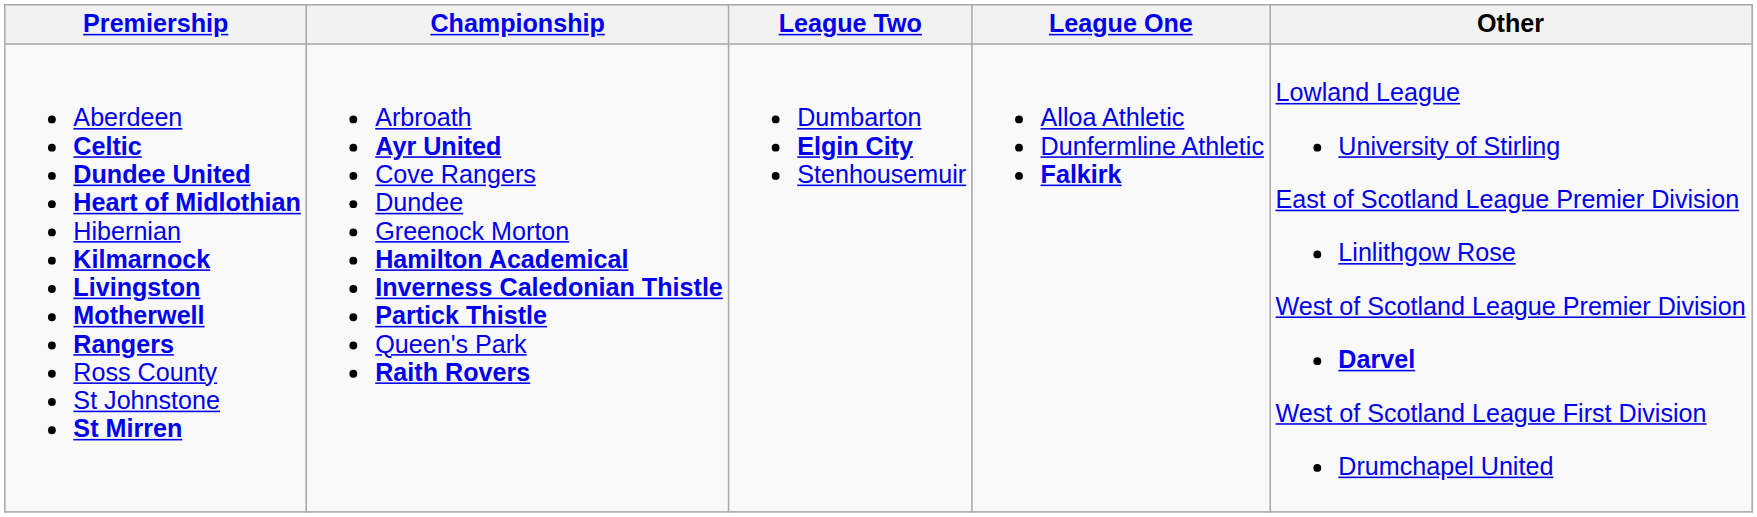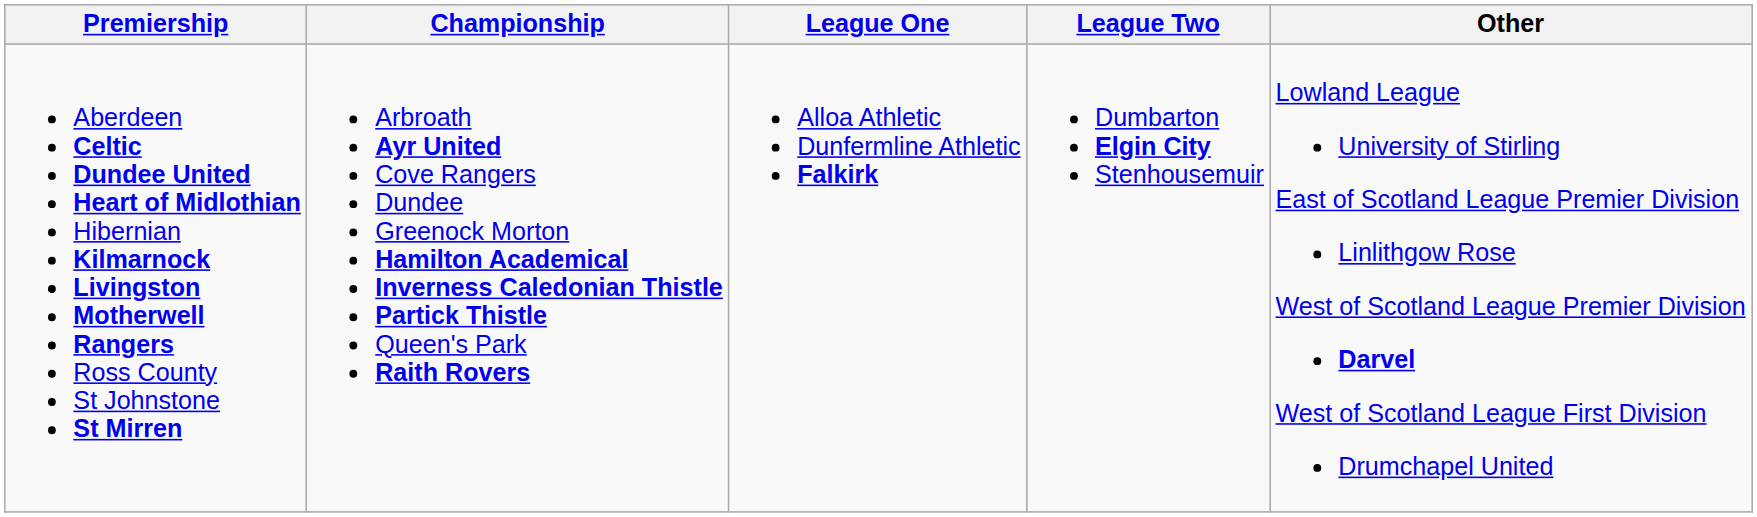 <table class="wikitable">
 <tr>
 <th><a href='#'>Premiership</a></th>
 <th><a href='#'>Championship</a></th>
+<th><a href='#'>League One</a></th>
 <th><a href='#'>League Two</a></th>
-<th><a href='#'>League One</a></th>
 <th>Other</th>
 </tr>
 <tr>
 <td valign="top"><br><ul><li><a href='#'>Aberdeen</a></li><li><strong><a href='#'>Celtic</a></strong></li><li><strong><a href='#'>Dundee United</a></strong></li><li><strong><a href='#'>Heart of Midlothian</a></strong></li><li><a href='#'>Hibernian</a></li><li><strong><a href='#'>Kilmarnock</a></strong></li><li><strong><a href='#'>Livingston</a></strong></li><li><strong><a href='#'>Motherwell</a></strong></li><li><strong><a href='#'>Rangers</a></strong></li><li><a href='#'>Ross County</a></li><li><a href='#'>St Johnstone</a></li><li><strong><a href='#'>St Mirren</a></strong></li></ul></td>
 <td valign="top"><br><ul><li><a href='#'>Arbroath</a></li><li><strong><a href='#'>Ayr United</a></strong></li><li><a href='#'>Cove Rangers</a></li><li><a href='#'>Dundee</a></li><li><a href='#'>Greenock Morton</a></li><li><strong><a href='#'>Hamilton Academical</a></strong></li><li><strong><a href='#'>Inverness Caledonian Thistle</a></strong></li><li><strong><a href='#'>Partick Thistle</a></strong></li><li><a href='#'>Queen's Park</a></li><li><strong><a href='#'>Raith Rovers</a></strong></li></ul></td>
+<td valign="top"><br><ul><li><a href='#'>Alloa Athletic</a></li><li><a href='#'>Dunfermline Athletic</a></li><li><strong><a href='#'>Falkirk</a></strong></li></ul></td>
 <td valign="top"><br><ul><li><a href='#'>Dumbarton</a></li><li><strong><a href='#'>Elgin City</a></strong></li><li><a href='#'>Stenhousemuir</a></li></ul></td>
-<td valign="top"><br><ul><li><a href='#'>Alloa Athletic</a></li><li><a href='#'>Dunfermline Athletic</a></li><li><strong><a href='#'>Falkirk</a></strong></li></ul></td>
 <td valign="top"><br><a href='#'>Lowland League</a><ul><li><a href='#'>University of Stirling</a></li></ul><a href='#'>East of Scotland League Premier Division</a><ul><li><a href='#'>Linlithgow Rose</a></li></ul><a href='#'>West of Scotland League Premier Division</a><ul><li><strong><a href='#'>Darvel</a></strong></li></ul><a href='#'>West of Scotland League First Division</a><ul><li><a href='#'>Drumchapel United</a></li></ul></td>
 </tr>
 </table>
